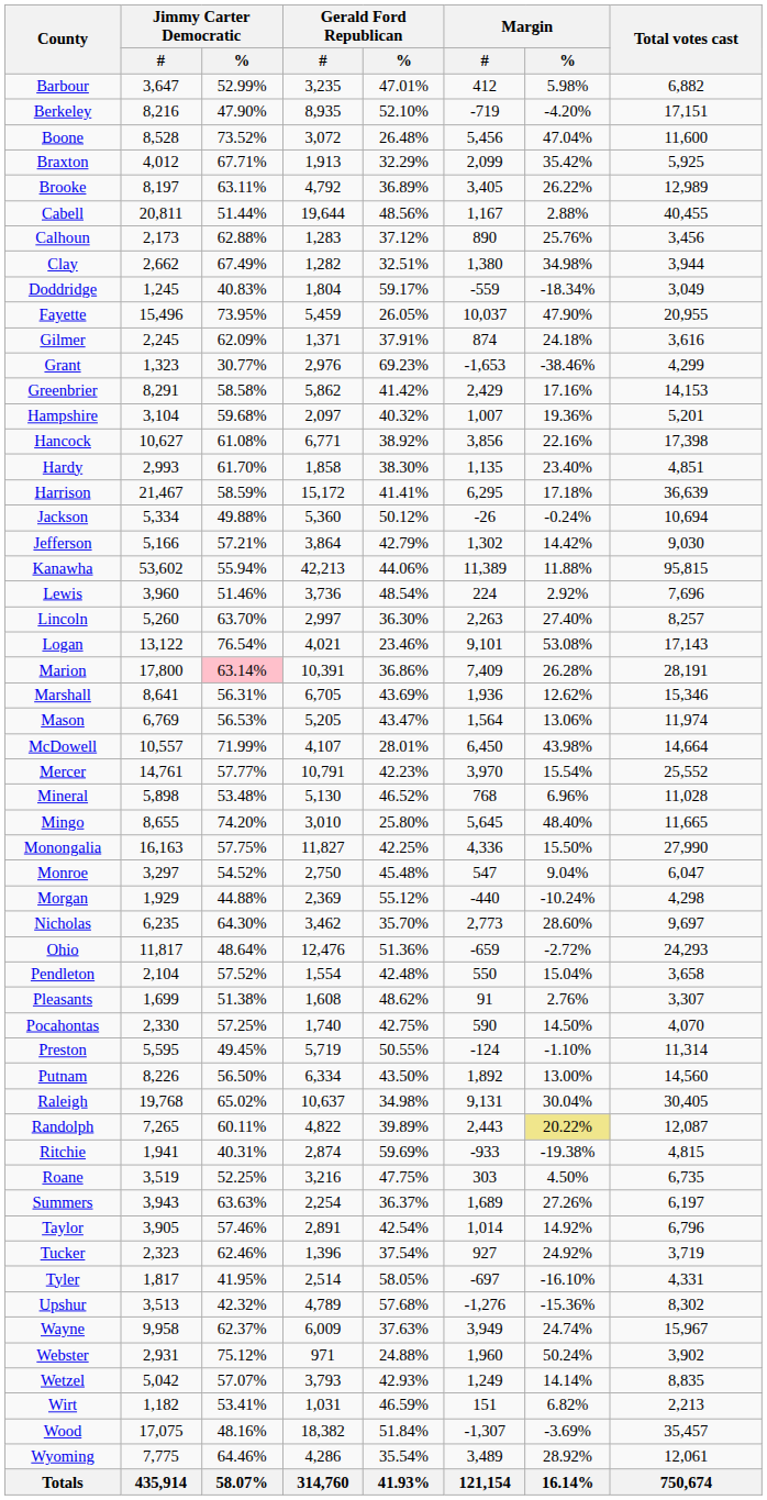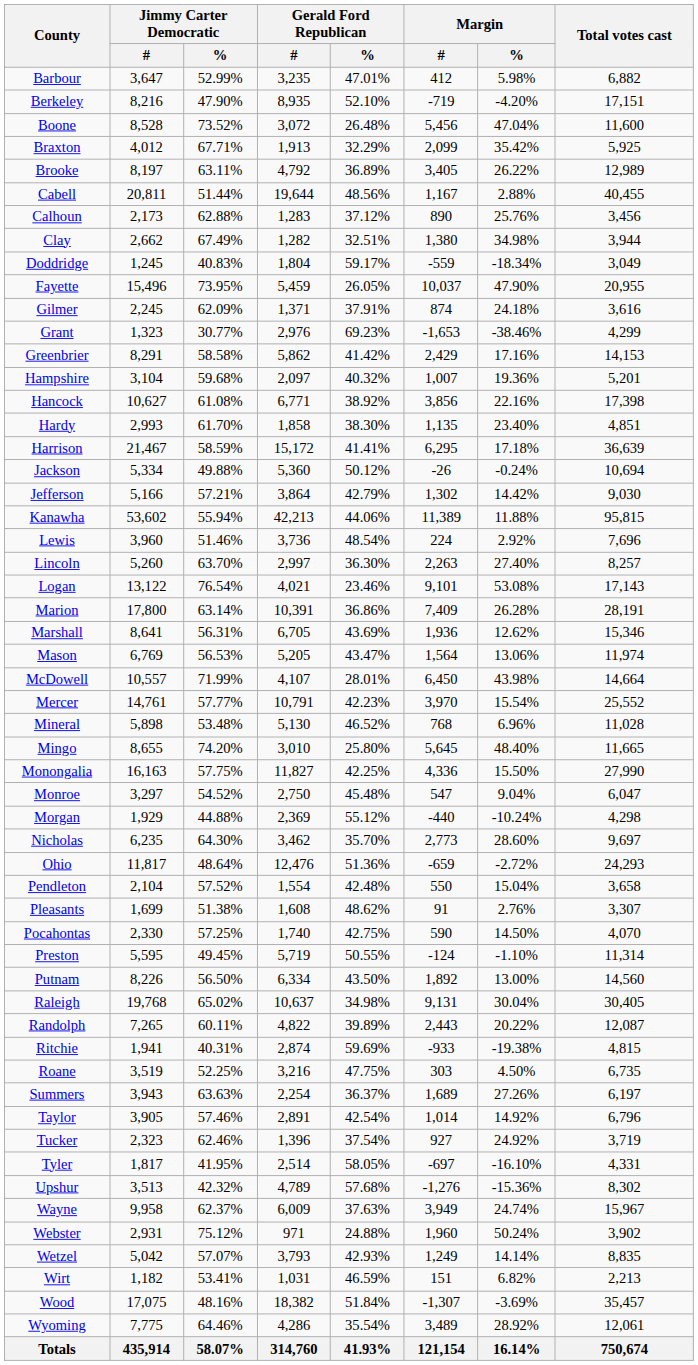 <table width="60%"  class="wikitable sortable" style="text-align:center">
 <tr>
 <th style="text-align:center;" rowspan="2">County</th>
 <th style="text-align:center;" colspan="2">Jimmy Carter<br>Democratic</th>
 <th style="text-align:center;" colspan="2">Gerald Ford<br>Republican</th>
 <th style="text-align:center;" colspan="2">Margin</th>
 <th style="text-align:center;" rowspan="2">Total votes cast</th>
 </tr>
 <tr>
 <th style="text-align:center;" data-sort-type="number">#</th>
 <th style="text-align:center;" data-sort-type="number">%</th>
 <th style="text-align:center;" data-sort-type="number">#</th>
 <th style="text-align:center;" data-sort-type="number">%</th>
 <th style="text-align:center;" data-sort-type="number">#</th>
 <th style="text-align:center;" data-sort-type="number">%</th>
 </tr>
 <tr style="text-align:center;">
 <td><a href='#'>Barbour</a></td>
 <td>3,647</td>
 <td>52.99%</td>
 <td>3,235</td>
 <td>47.01%</td>
 <td>412</td>
 <td>5.98%</td>
 <td>6,882</td>
 </tr>
 <tr style="text-align:center;">
 <td><a href='#'>Berkeley</a></td>
 <td>8,216</td>
 <td>47.90%</td>
 <td>8,935</td>
 <td>52.10%</td>
 <td>-719</td>
 <td>-4.20%</td>
 <td>17,151</td>
 </tr>
 <tr style="text-align:center;">
 <td><a href='#'>Boone</a></td>
 <td>8,528</td>
 <td>73.52%</td>
 <td>3,072</td>
 <td>26.48%</td>
 <td>5,456</td>
 <td>47.04%</td>
 <td>11,600</td>
 </tr>
 <tr style="text-align:center;">
 <td><a href='#'>Braxton</a></td>
 <td>4,012</td>
 <td>67.71%</td>
 <td>1,913</td>
 <td>32.29%</td>
 <td>2,099</td>
 <td>35.42%</td>
 <td>5,925</td>
 </tr>
 <tr style="text-align:center;">
 <td><a href='#'>Brooke</a></td>
 <td>8,197</td>
 <td>63.11%</td>
 <td>4,792</td>
 <td>36.89%</td>
 <td>3,405</td>
 <td>26.22%</td>
 <td>12,989</td>
 </tr>
 <tr style="text-align:center;">
 <td><a href='#'>Cabell</a></td>
 <td>20,811</td>
 <td>51.44%</td>
 <td>19,644</td>
 <td>48.56%</td>
 <td>1,167</td>
 <td>2.88%</td>
 <td>40,455</td>
 </tr>
 <tr style="text-align:center;">
 <td><a href='#'>Calhoun</a></td>
 <td>2,173</td>
 <td>62.88%</td>
 <td>1,283</td>
 <td>37.12%</td>
 <td>890</td>
 <td>25.76%</td>
 <td>3,456</td>
 </tr>
 <tr style="text-align:center;">
 <td><a href='#'>Clay</a></td>
 <td>2,662</td>
 <td>67.49%</td>
 <td>1,282</td>
 <td>32.51%</td>
 <td>1,380</td>
 <td>34.98%</td>
 <td>3,944</td>
 </tr>
 <tr style="text-align:center;">
 <td><a href='#'>Doddridge</a></td>
 <td>1,245</td>
 <td>40.83%</td>
 <td>1,804</td>
 <td>59.17%</td>
 <td>-559</td>
 <td>-18.34%</td>
 <td>3,049</td>
 </tr>
 <tr style="text-align:center;">
 <td><a href='#'>Fayette</a></td>
 <td>15,496</td>
 <td>73.95%</td>
 <td>5,459</td>
 <td>26.05%</td>
 <td>10,037</td>
 <td>47.90%</td>
 <td>20,955</td>
 </tr>
 <tr style="text-align:center;">
 <td><a href='#'>Gilmer</a></td>
 <td>2,245</td>
 <td>62.09%</td>
 <td>1,371</td>
 <td>37.91%</td>
 <td>874</td>
 <td>24.18%</td>
 <td>3,616</td>
 </tr>
 <tr style="text-align:center;">
 <td><a href='#'>Grant</a></td>
 <td>1,323</td>
 <td>30.77%</td>
 <td>2,976</td>
 <td>69.23%</td>
 <td>-1,653</td>
 <td>-38.46%</td>
 <td>4,299</td>
 </tr>
 <tr style="text-align:center;">
 <td><a href='#'>Greenbrier</a></td>
 <td>8,291</td>
 <td>58.58%</td>
 <td>5,862</td>
 <td>41.42%</td>
 <td>2,429</td>
 <td>17.16%</td>
 <td>14,153</td>
 </tr>
 <tr style="text-align:center;">
 <td><a href='#'>Hampshire</a></td>
 <td>3,104</td>
 <td>59.68%</td>
 <td>2,097</td>
 <td>40.32%</td>
 <td>1,007</td>
 <td>19.36%</td>
 <td>5,201</td>
 </tr>
 <tr style="text-align:center;">
 <td><a href='#'>Hancock</a></td>
 <td>10,627</td>
 <td>61.08%</td>
 <td>6,771</td>
 <td>38.92%</td>
 <td>3,856</td>
 <td>22.16%</td>
 <td>17,398</td>
 </tr>
 <tr style="text-align:center;">
 <td><a href='#'>Hardy</a></td>
 <td>2,993</td>
 <td>61.70%</td>
 <td>1,858</td>
 <td>38.30%</td>
 <td>1,135</td>
 <td>23.40%</td>
 <td>4,851</td>
 </tr>
 <tr style="text-align:center;">
 <td><a href='#'>Harrison</a></td>
 <td>21,467</td>
 <td>58.59%</td>
 <td>15,172</td>
 <td>41.41%</td>
 <td>6,295</td>
 <td>17.18%</td>
 <td>36,639</td>
 </tr>
 <tr style="text-align:center;">
 <td><a href='#'>Jackson</a></td>
 <td>5,334</td>
 <td>49.88%</td>
 <td>5,360</td>
 <td>50.12%</td>
 <td>-26</td>
 <td>-0.24%</td>
 <td>10,694</td>
 </tr>
 <tr style="text-align:center;">
 <td><a href='#'>Jefferson</a></td>
 <td>5,166</td>
 <td>57.21%</td>
 <td>3,864</td>
 <td>42.79%</td>
 <td>1,302</td>
 <td>14.42%</td>
 <td>9,030</td>
 </tr>
 <tr style="text-align:center;">
 <td><a href='#'>Kanawha</a></td>
 <td>53,602</td>
 <td>55.94%</td>
 <td>42,213</td>
 <td>44.06%</td>
 <td>11,389</td>
 <td>11.88%</td>
 <td>95,815</td>
 </tr>
 <tr style="text-align:center;">
 <td><a href='#'>Lewis</a></td>
 <td>3,960</td>
 <td>51.46%</td>
 <td>3,736</td>
 <td>48.54%</td>
 <td>224</td>
 <td>2.92%</td>
 <td>7,696</td>
 </tr>
 <tr style="text-align:center;">
 <td><a href='#'>Lincoln</a></td>
 <td>5,260</td>
 <td>63.70%</td>
 <td>2,997</td>
 <td>36.30%</td>
 <td>2,263</td>
 <td>27.40%</td>
 <td>8,257</td>
 </tr>
 <tr style="text-align:center;">
 <td><a href='#'>Logan</a></td>
 <td>13,122</td>
 <td>76.54%</td>
 <td>4,021</td>
 <td>23.46%</td>
 <td>9,101</td>
 <td>53.08%</td>
 <td>17,143</td>
 </tr>
 <tr - style="text-align:center;">
 <td><a href='#'>Marion</a></td>
 <td>17,800</td>
-<td style="background: pink;">63.14%</td>
+<td>63.14%</td>
 <td>10,391</td>
 <td>36.86%</td>
 <td>7,409</td>
 <td>26.28%</td>
 <td>28,191</td>
 </tr>
 <tr style="text-align:center;">
 <td><a href='#'>Marshall</a></td>
 <td>8,641</td>
 <td>56.31%</td>
 <td>6,705</td>
 <td>43.69%</td>
 <td>1,936</td>
 <td>12.62%</td>
 <td>15,346</td>
 </tr>
 <tr style="text-align:center;">
 <td><a href='#'>Mason</a></td>
 <td>6,769</td>
 <td>56.53%</td>
 <td>5,205</td>
 <td>43.47%</td>
 <td>1,564</td>
 <td>13.06%</td>
 <td>11,974</td>
 </tr>
 <tr style="text-align:center;">
 <td><a href='#'>McDowell</a></td>
 <td>10,557</td>
 <td>71.99%</td>
 <td>4,107</td>
 <td>28.01%</td>
 <td>6,450</td>
 <td>43.98%</td>
 <td>14,664</td>
 </tr>
 <tr style="text-align:center;">
 <td><a href='#'>Mercer</a></td>
 <td>14,761</td>
 <td>57.77%</td>
 <td>10,791</td>
 <td>42.23%</td>
 <td>3,970</td>
 <td>15.54%</td>
 <td>25,552</td>
 </tr>
 <tr style="text-align:center;">
 <td><a href='#'>Mineral</a></td>
 <td>5,898</td>
 <td>53.48%</td>
 <td>5,130</td>
 <td>46.52%</td>
 <td>768</td>
 <td>6.96%</td>
 <td>11,028</td>
 </tr>
 <tr style="text-align:center;">
 <td><a href='#'>Mingo</a></td>
 <td>8,655</td>
 <td>74.20%</td>
 <td>3,010</td>
 <td>25.80%</td>
 <td>5,645</td>
 <td>48.40%</td>
 <td>11,665</td>
 </tr>
 <tr style="text-align:center;">
 <td><a href='#'>Monongalia</a></td>
 <td>16,163</td>
 <td>57.75%</td>
 <td>11,827</td>
 <td>42.25%</td>
 <td>4,336</td>
 <td>15.50%</td>
 <td>27,990</td>
 </tr>
 <tr style="text-align:center;">
 <td><a href='#'>Monroe</a></td>
 <td>3,297</td>
 <td>54.52%</td>
 <td>2,750</td>
 <td>45.48%</td>
 <td>547</td>
 <td>9.04%</td>
 <td>6,047</td>
 </tr>
 <tr style="text-align:center;">
 <td><a href='#'>Morgan</a></td>
 <td>1,929</td>
 <td>44.88%</td>
 <td>2,369</td>
 <td>55.12%</td>
 <td>-440</td>
 <td>-10.24%</td>
 <td>4,298</td>
 </tr>
 <tr style="text-align:center;">
 <td><a href='#'>Nicholas</a></td>
 <td>6,235</td>
 <td>64.30%</td>
 <td>3,462</td>
 <td>35.70%</td>
 <td>2,773</td>
 <td>28.60%</td>
 <td>9,697</td>
 </tr>
 <tr style="text-align:center;">
 <td><a href='#'>Ohio</a></td>
 <td>11,817</td>
 <td>48.64%</td>
 <td>12,476</td>
 <td>51.36%</td>
 <td>-659</td>
 <td>-2.72%</td>
 <td>24,293</td>
 </tr>
 <tr style="text-align:center;">
 <td><a href='#'>Pendleton</a></td>
 <td>2,104</td>
 <td>57.52%</td>
 <td>1,554</td>
 <td>42.48%</td>
 <td>550</td>
 <td>15.04%</td>
 <td>3,658</td>
 </tr>
 <tr style="text-align:center;">
 <td><a href='#'>Pleasants</a></td>
 <td>1,699</td>
 <td>51.38%</td>
 <td>1,608</td>
 <td>48.62%</td>
 <td>91</td>
 <td>2.76%</td>
 <td>3,307</td>
 </tr>
 <tr style="text-align:center;">
 <td><a href='#'>Pocahontas</a></td>
 <td>2,330</td>
 <td>57.25%</td>
 <td>1,740</td>
 <td>42.75%</td>
 <td>590</td>
 <td>14.50%</td>
 <td>4,070</td>
 </tr>
 <tr style="text-align:center;">
 <td><a href='#'>Preston</a></td>
 <td>5,595</td>
 <td>49.45%</td>
 <td>5,719</td>
 <td>50.55%</td>
 <td>-124</td>
 <td>-1.10%</td>
 <td>11,314</td>
 </tr>
 <tr style="text-align:center;">
 <td><a href='#'>Putnam</a></td>
 <td>8,226</td>
 <td>56.50%</td>
 <td>6,334</td>
 <td>43.50%</td>
 <td>1,892</td>
 <td>13.00%</td>
 <td>14,560</td>
 </tr>
 <tr style="text-align:center;">
 <td><a href='#'>Raleigh</a></td>
 <td>19,768</td>
 <td>65.02%</td>
 <td>10,637</td>
 <td>34.98%</td>
 <td>9,131</td>
 <td>30.04%</td>
 <td>30,405</td>
 </tr>
 <tr style="text-align:center;">
 <td><a href='#'>Randolph</a></td>
 <td>7,265</td>
 <td>60.11%</td>
 <td>4,822</td>
 <td>39.89%</td>
 <td>2,443</td>
-<td style="background: khaki;">20.22%</td>
+<td>20.22%</td>
 <td>12,087</td>
 </tr>
 <tr style="text-align:center;">
 <td><a href='#'>Ritchie</a></td>
 <td>1,941</td>
 <td>40.31%</td>
 <td>2,874</td>
 <td>59.69%</td>
 <td>-933</td>
 <td>-19.38%</td>
 <td>4,815</td>
 </tr>
 <tr style="text-align:center;">
 <td><a href='#'>Roane</a></td>
 <td>3,519</td>
 <td>52.25%</td>
 <td>3,216</td>
 <td>47.75%</td>
 <td>303</td>
 <td>4.50%</td>
 <td>6,735</td>
 </tr>
 <tr style="text-align:center;">
 <td><a href='#'>Summers</a></td>
 <td>3,943</td>
 <td>63.63%</td>
 <td>2,254</td>
 <td>36.37%</td>
 <td>1,689</td>
 <td>27.26%</td>
 <td>6,197</td>
 </tr>
 <tr style="text-align:center;">
 <td><a href='#'>Taylor</a></td>
 <td>3,905</td>
 <td>57.46%</td>
 <td>2,891</td>
 <td>42.54%</td>
 <td>1,014</td>
 <td>14.92%</td>
 <td>6,796</td>
 </tr>
 <tr style="text-align:center;">
 <td><a href='#'>Tucker</a></td>
 <td>2,323</td>
 <td>62.46%</td>
 <td>1,396</td>
 <td>37.54%</td>
 <td>927</td>
 <td>24.92%</td>
 <td>3,719</td>
 </tr>
 <tr style="text-align:center;">
 <td><a href='#'>Tyler</a></td>
 <td>1,817</td>
 <td>41.95%</td>
 <td>2,514</td>
 <td>58.05%</td>
 <td>-697</td>
 <td>-16.10%</td>
 <td>4,331</td>
 </tr>
 <tr style="text-align:center;">
 <td><a href='#'>Upshur</a></td>
 <td>3,513</td>
 <td>42.32%</td>
 <td>4,789</td>
 <td>57.68%</td>
 <td>-1,276</td>
 <td>-15.36%</td>
 <td>8,302</td>
 </tr>
 <tr style="text-align:center;">
 <td><a href='#'>Wayne</a></td>
 <td>9,958</td>
 <td>62.37%</td>
 <td>6,009</td>
 <td>37.63%</td>
 <td>3,949</td>
 <td>24.74%</td>
 <td>15,967</td>
 </tr>
 <tr style="text-align:center;">
 <td><a href='#'>Webster</a></td>
 <td>2,931</td>
 <td>75.12%</td>
 <td>971</td>
 <td>24.88%</td>
 <td>1,960</td>
 <td>50.24%</td>
 <td>3,902</td>
 </tr>
 <tr style="text-align:center;">
 <td><a href='#'>Wetzel</a></td>
 <td>5,042</td>
 <td>57.07%</td>
 <td>3,793</td>
 <td>42.93%</td>
 <td>1,249</td>
 <td>14.14%</td>
 <td>8,835</td>
 </tr>
 <tr style="text-align:center;">
 <td><a href='#'>Wirt</a></td>
 <td>1,182</td>
 <td>53.41%</td>
 <td>1,031</td>
 <td>46.59%</td>
 <td>151</td>
 <td>6.82%</td>
 <td>2,213</td>
 </tr>
 <tr style="text-align:center;">
 <td><a href='#'>Wood</a></td>
 <td>17,075</td>
 <td>48.16%</td>
 <td>18,382</td>
 <td>51.84%</td>
 <td>-1,307</td>
 <td>-3.69%</td>
 <td>35,457</td>
 </tr>
 <tr style="text-align:center;">
 <td><a href='#'>Wyoming</a></td>
 <td>7,775</td>
 <td>64.46%</td>
 <td>4,286</td>
 <td>35.54%</td>
 <td>3,489</td>
 <td>28.92%</td>
 <td>12,061</td>
 </tr>
 <tr>
 <th>Totals</th>
 <th>435,914</th>
 <th>58.07%</th>
 <th>314,760</th>
 <th>41.93%</th>
 <th>121,154</th>
 <th>16.14%</th>
 <th>750,674</th>
 </tr>
 </table>
